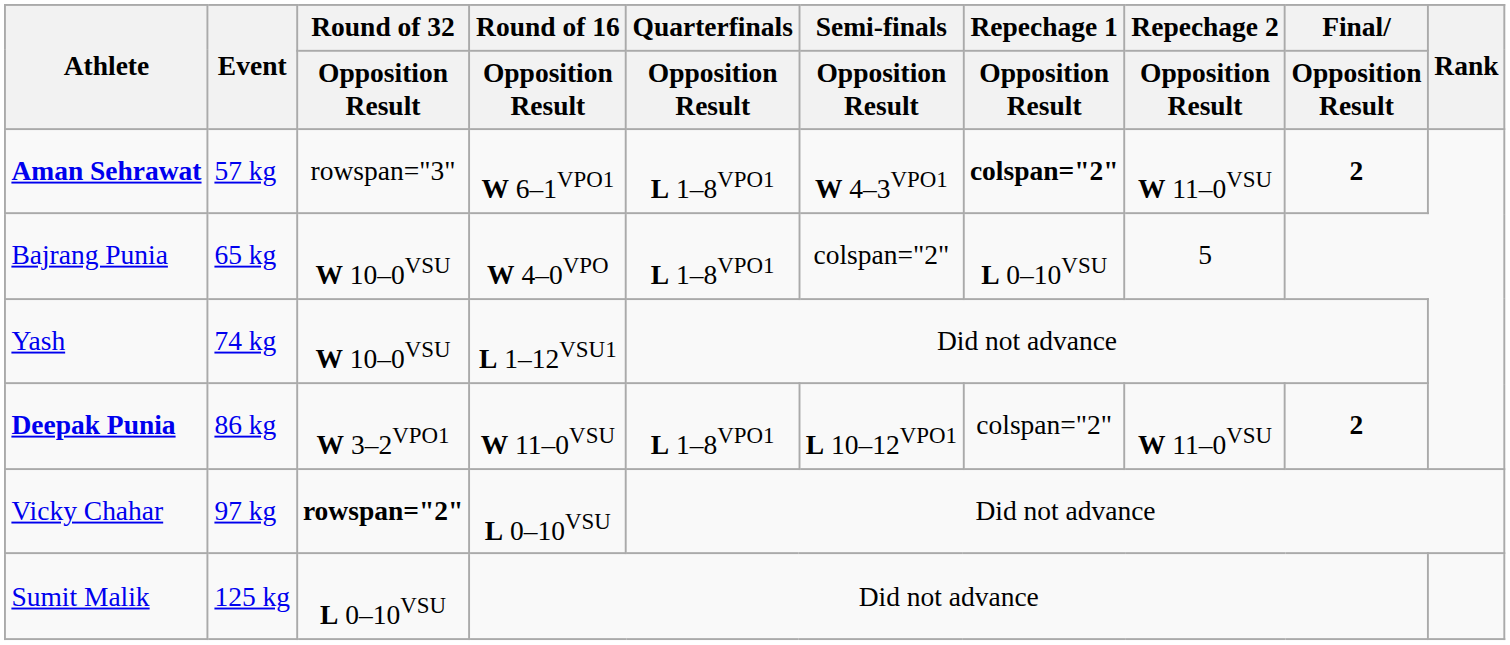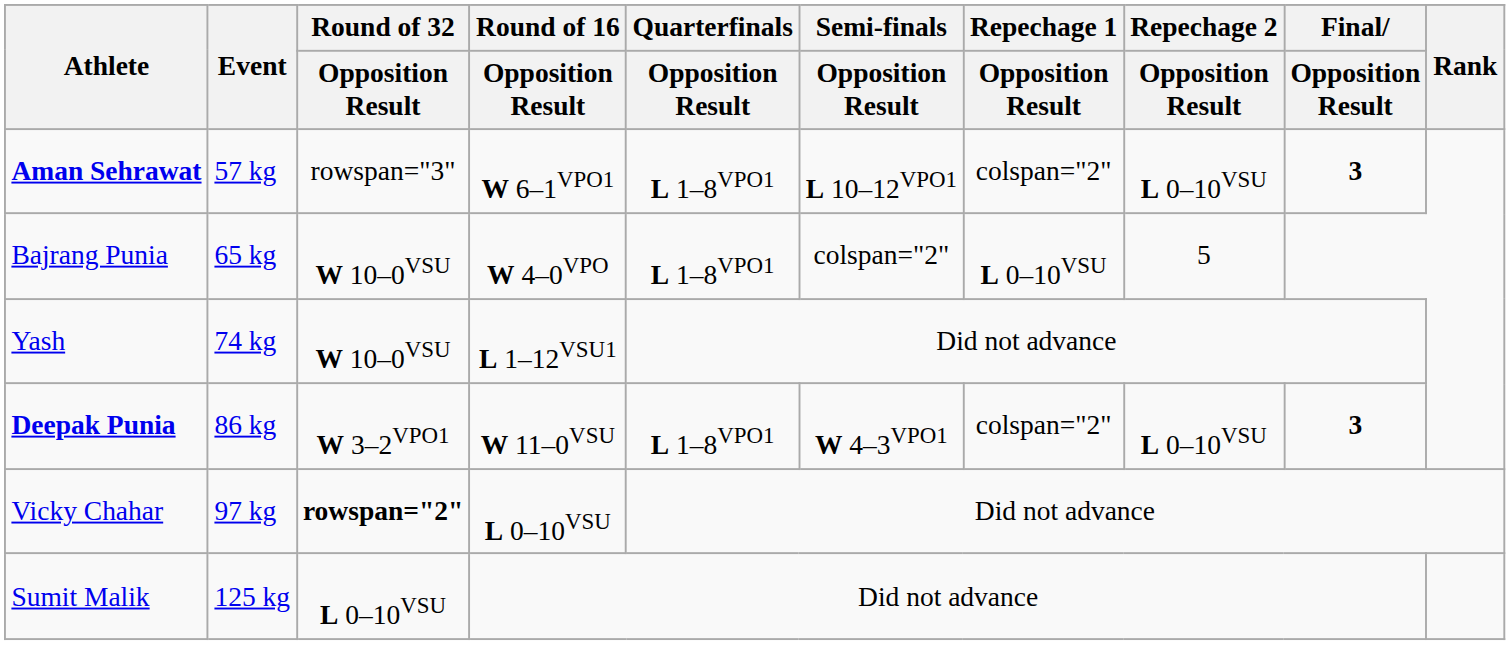 <table class=wikitable style="text-align:center; font-size:90%">
 <tr>
 <th rowspan=2>Athlete</th>
 <th rowspan=2>Event</th>
 <th>Round of 32</th>
 <th>Round of 16</th>
 <th>Quarterfinals</th>
 <th>Semi-finals</th>
 <th>Repechage 1</th>
 <th>Repechage 2</th>
 <th>Final/</th>
 <th rowspan=2>Rank</th>
 </tr>
 <tr>
 <th>Opposition<br>Result</th>
 <th>Opposition<br>Result</th>
 <th>Opposition<br>Result</th>
 <th>Opposition<br>Result</th>
 <th>Opposition<br>Result</th>
 <th>Opposition<br>Result</th>
 <th>Opposition<br>Result</th>
 </tr>
 <tr>
 <td align=left><strong><a href='#'>Aman Sehrawat</a></strong></td>
 <td align=left><a href='#'>57 kg</a></td>
 <td>rowspan="3" </td>
 <td><br><strong>W</strong> 6–1<sup>VPO1</sup></td>
 <td><br><strong>L</strong> 1–8<sup>VPO1</sup></td>
-<td><br><strong>W</strong> 4–3<sup>VPO1</sup></td>
-<td><strong>colspan="2" </strong></td>
-<td><br><strong>W</strong> 11–0<sup>VSU</sup></td>
-<td><strong>2</strong></td>
+<td><br><strong>L</strong> 10–12<sup>VPO1</sup></td>
+<td>colspan="2" </td>
+<td><br><strong>L</strong> 0–10<sup>VSU</sup></td>
+<td><strong>3</strong></td>
 </tr>
 <tr>
 <td align=left><a href='#'>Bajrang Punia</a></td>
 <td align=left><a href='#'>65 kg</a></td>
 <td><br><strong>W</strong> 10–0<sup>VSU</sup></td>
 <td><br> <strong>W</strong> 4–0<sup>VPO</sup></td>
 <td><br><strong>L</strong> 1–8<sup>VPO1</sup></td>
 <td>colspan="2" </td>
 <td><br><strong>L</strong> 0–10<sup>VSU</sup></td>
 <td>5</td>
 </tr>
 <tr>
 <td align=left><a href='#'>Yash</a></td>
 <td align=left><a href='#'>74 kg</a></td>
 <td><br><strong>W</strong> 10–0<sup>VSU</sup></td>
 <td><br><strong>L</strong> 1–12<sup>VSU1</sup></td>
 <td colspan="5">Did not advance</td>
 </tr>
 <tr>
 <td align=left><strong><a href='#'>Deepak Punia</a></strong></td>
 <td align=left><a href='#'>86 kg</a></td>
 <td><br><strong>W</strong> 3–2<sup>VPO1</sup></td>
 <td><br><strong>W</strong> 11–0<sup>VSU</sup></td>
 <td><br><strong>L</strong> 1–8<sup>VPO1</sup></td>
-<td><br><strong>L</strong> 10–12<sup>VPO1</sup></td>
+<td><br><strong>W</strong> 4–3<sup>VPO1</sup></td>
 <td>colspan="2" </td>
-<td><br><strong>W</strong> 11–0<sup>VSU</sup></td>
-<td><strong>2</strong></td>
+<td><br><strong>L</strong> 0–10<sup>VSU</sup></td>
+<td><strong>3</strong></td>
 </tr>
 <tr>
 <td align=left><a href='#'>Vicky Chahar</a></td>
 <td align=left><a href='#'>97 kg</a></td>
 <td><strong>rowspan="2" </strong></td>
 <td><br><strong>L</strong> 0–10<sup>VSU</sup></td>
 <td colspan="6">Did not advance</td>
 </tr>
 <tr>
 <td align=left><a href='#'>Sumit Malik</a></td>
 <td align=left><a href='#'>125 kg</a></td>
 <td><br><strong>L</strong> 0–10<sup>VSU</sup></td>
 <td colspan="6">Did not advance</td>
 </tr>
 </table>
